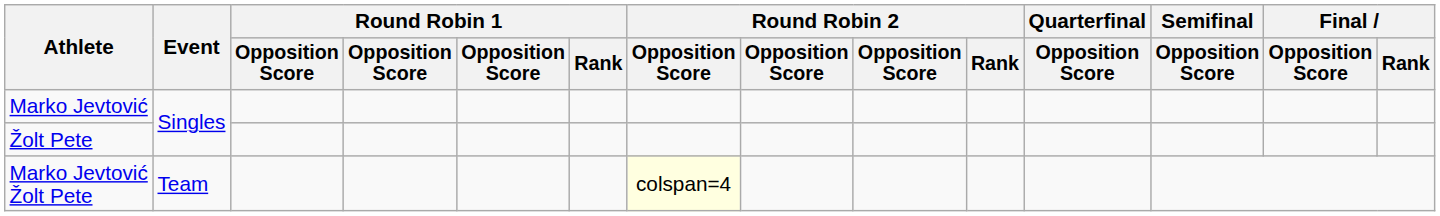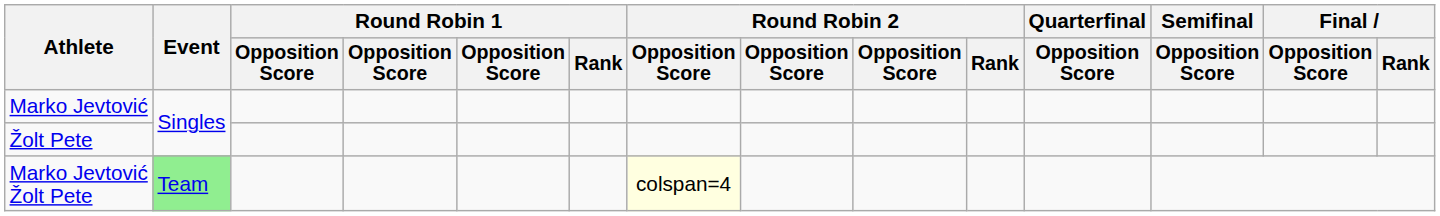 <table class=wikitable style="font-size:90%">
 <tr>
 <th rowspan=2>Athlete</th>
 <th rowspan=2>Event</th>
 <th colspan=4>Round Robin 1</th>
 <th colspan=4>Round Robin 2</th>
 <th>Quarterfinal</th>
 <th>Semifinal</th>
 <th colspan=2>Final / </th>
 </tr>
 <tr style="font-size:95%">
 <th>Opposition<br>Score</th>
 <th>Opposition<br>Score</th>
 <th>Opposition<br>Score</th>
 <th>Rank</th>
 <th>Opposition<br>Score</th>
 <th>Opposition<br>Score</th>
 <th>Opposition<br>Score</th>
 <th>Rank</th>
 <th>Opposition<br>Score</th>
 <th>Opposition<br>Score</th>
 <th>Opposition<br>Score</th>
 <th>Rank</th>
 </tr>
 <tr align=center>
 <td align=left><a href='#'>Marko Jevtović</a></td>
 <td align=left rowspan=2><a href='#'>Singles</a></td>
 <td></td>
 <td></td>
 <td></td>
 <td></td>
 <td></td>
 <td></td>
 <td></td>
 <td></td>
 <td></td>
 <td></td>
 <td></td>
 <td></td>
 </tr>
 <tr align=center>
 <td align=left><a href='#'>Žolt Pete</a></td>
 <td></td>
 <td></td>
 <td></td>
 <td></td>
 <td></td>
 <td></td>
 <td></td>
 <td></td>
 <td></td>
 <td></td>
 <td></td>
 <td></td>
 </tr>
 <tr align=center>
 <td align=left><a href='#'>Marko Jevtović</a><br><a href='#'>Žolt Pete</a></td>
-<td align=left><a href='#'>Team</a></td>
+<td align=left style="background: lightgreen;"><a href='#'>Team</a></td>
 <td></td>
 <td></td>
 <td></td>
 <td></td>
 <td style="background: lightyellow;">colspan=4 </td>
 <td></td>
 <td></td>
 <td></td>
 <td></td>
 </tr>
 </table>
